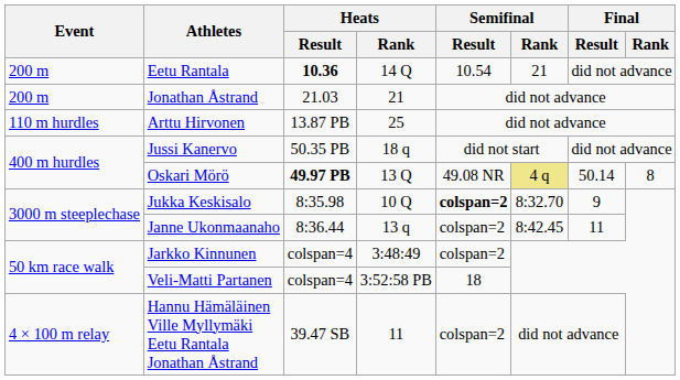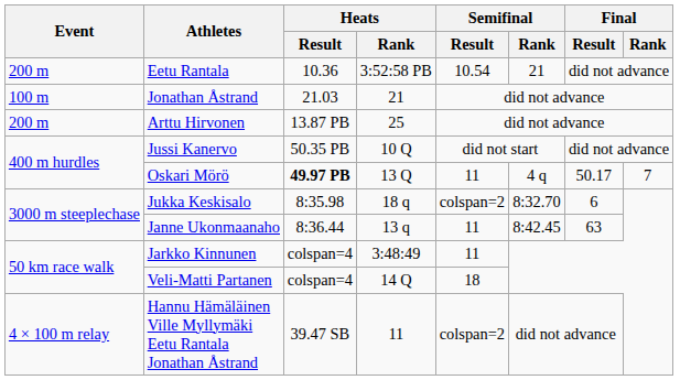 <table class="wikitable" border="1" style="font-size:90%">
 <tr>
 <th rowspan=2>Event</th>
 <th rowspan=2>Athletes</th>
 <th colspan=2>Heats</th>
 <th colspan=2>Semifinal</th>
 <th colspan=2>Final</th>
 </tr>
 <tr>
 <th>Result</th>
 <th>Rank</th>
 <th>Result</th>
 <th>Rank</th>
 <th>Result</th>
 <th>Rank</th>
 </tr>
 <tr>
 <td><a href='#'>200 m</a></td>
 <td><a href='#'>Eetu Rantala</a></td>
-<td align=center><strong>10.36</strong></td>
-<td align=center>14 Q</td>
+<td align=center>10.36</td>
+<td align=center>3:52:58 PB</td>
 <td align=center>10.54</td>
 <td align=center>21</td>
 <td align=center colspan=2>did not advance</td>
 </tr>
 <tr>
-<td><a href='#'>200 m</a></td>
+<td><a href='#'>100 m</a></td>
 <td><a href='#'>Jonathan Åstrand</a></td>
 <td align=center>21.03</td>
 <td align=center>21</td>
 <td align=center colspan=4>did not advance</td>
 </tr>
 <tr>
-<td><a href='#'>110 m hurdles</a></td>
+<td><a href='#'>200 m</a></td>
 <td><a href='#'>Arttu Hirvonen</a></td>
 <td align=center>13.87 PB</td>
 <td align=center>25</td>
 <td align=center colspan=4>did not advance</td>
 </tr>
 <tr>
 <td rowspan=2><a href='#'>400 m hurdles</a></td>
 <td><a href='#'>Jussi Kanervo</a></td>
 <td align=center>50.35 PB</td>
-<td align=center>18 q</td>
+<td align=center>10 Q</td>
 <td align=center colspan=2>did not start</td>
 <td align=center colspan=2>did not advance</td>
 </tr>
 <tr>
 <td><a href='#'>Oskari Mörö</a></td>
 <td align=center><strong>49.97 PB</strong></td>
 <td align=center>13 Q</td>
-<td align=center>49.08 NR</td>
-<td align=center style="background: khaki;">4 q</td>
-<td align=center>50.14</td>
-<td align=center>8</td>
+<td align=center>11</td>
+<td align=center>4 q</td>
+<td align=center>50.17</td>
+<td align=center>7</td>
 </tr>
 <tr>
 <td rowspan=2><a href='#'>3000 m steeplechase</a></td>
 <td><a href='#'>Jukka Keskisalo</a></td>
 <td align=center>8:35.98</td>
-<td align=center>10 Q</td>
-<td><strong>colspan=2 </strong></td>
+<td align=center>18 q</td>
+<td>colspan=2 </td>
 <td align=center>8:32.70</td>
-<td align=center>9</td>
+<td align=center>6</td>
 </tr>
 <tr>
 <td><a href='#'>Janne Ukonmaanaho</a></td>
 <td align=center>8:36.44</td>
 <td align=center>13 q</td>
-<td>colspan=2 </td>
+<td align=center>11</td>
 <td align=center>8:42.45</td>
-<td align=center>11</td>
+<td align=center>63</td>
 </tr>
 <tr>
 <td rowspan=2><a href='#'>50 km race walk</a></td>
 <td><a href='#'>Jarkko Kinnunen</a></td>
 <td>colspan=4 </td>
 <td align=center>3:48:49</td>
-<td>colspan=2 </td>
+<td align=center>11</td>
 </tr>
 <tr>
 <td><a href='#'>Veli-Matti Partanen</a></td>
 <td>colspan=4 </td>
-<td align=center>3:52:58 PB</td>
+<td align=center>14 Q</td>
 <td align=center>18</td>
 </tr>
 <tr>
 <td><a href='#'>4 × 100 m relay</a></td>
 <td><a href='#'>Hannu Hämäläinen</a><br><a href='#'>Ville Myllymäki</a><br><a href='#'>Eetu Rantala</a><br><a href='#'>Jonathan Åstrand</a></td>
 <td align=center>39.47 SB</td>
 <td align=center>11</td>
 <td>colspan=2 </td>
 <td align=center colspan=2>did not advance</td>
 </tr>
 </table>
